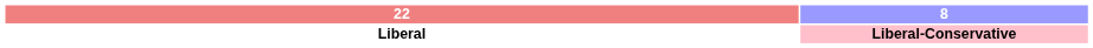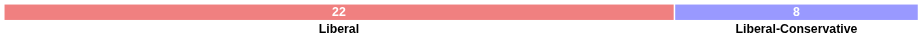 <table style="width:60%; text-align:center;">
 <tr style="color:white;">
 <td style="background:#F08080; width:73.33%;"><strong>22</strong></td>
 <td style="background:#9999FF; width:26.67%;"><strong>8</strong></td>
 </tr>
 <tr>
 <td><span><strong>Liberal</strong></span></td>
-<td style="background: pink;"><span><strong>Liberal-Conservative</strong></span></td>
+<td><span><strong>Liberal-Conservative</strong></span></td>
 </tr>
 </table>
